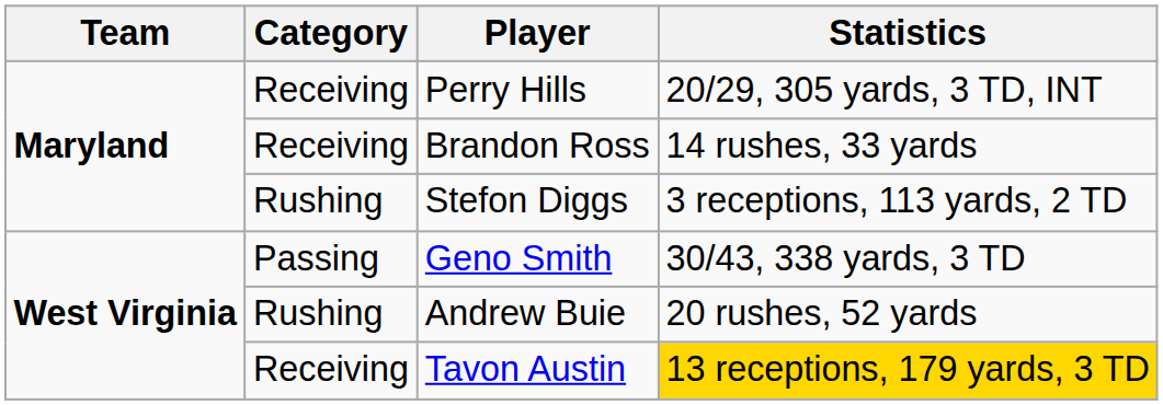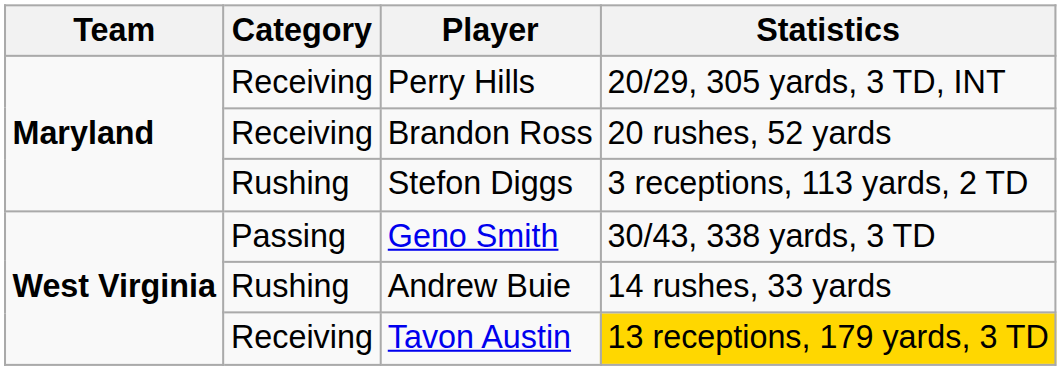 <table class="wikitable" style="float: left;">
 <tr>
 <th>Team</th>
 <th>Category</th>
 <th>Player</th>
 <th>Statistics</th>
 </tr>
 <tr>
 <td rowspan=3><strong>Maryland</strong></td>
 <td>Receiving</td>
 <td>Perry Hills</td>
 <td>20/29, 305 yards, 3 TD, INT</td>
 </tr>
 <tr>
 <td>Receiving</td>
 <td>Brandon Ross</td>
-<td>14 rushes, 33 yards</td>
+<td>20 rushes, 52 yards</td>
 </tr>
 <tr>
 <td>Rushing</td>
 <td>Stefon Diggs</td>
 <td>3 receptions, 113 yards, 2 TD</td>
 </tr>
 <tr>
 <td rowspan=3><strong>West Virginia</strong></td>
 <td>Passing</td>
 <td><a href='#'>Geno Smith</a></td>
 <td>30/43, 338 yards, 3 TD</td>
 </tr>
 <tr>
 <td>Rushing</td>
 <td>Andrew Buie</td>
-<td>20 rushes, 52 yards</td>
+<td>14 rushes, 33 yards</td>
 </tr>
 <tr>
 <td>Receiving</td>
 <td><a href='#'>Tavon Austin</a></td>
 <td style="background: gold;">13 receptions, 179 yards, 3 TD</td>
 </tr>
 </table>
